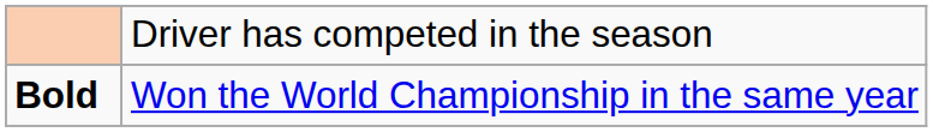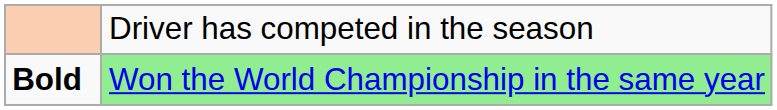 <table class="wikitable">
 <tr>
 <td width=42px align=center style="background-color:#FBCEB1"></td>
 <td>Driver has competed in the  season</td>
 </tr>
 <tr>
 <td><strong>Bold</strong></td>
-<td><a href='#'>Won the World Championship in the same year</a></td>
+<td style="background: lightgreen;"><a href='#'>Won the World Championship in the same year</a></td>
 </tr>
 </table>
